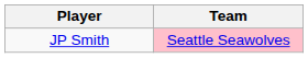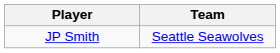 <table class="wikitable" style="text-align:center;">
 <tr>
 <th style="width:9.5em;">Player</th>
 <th style="width:9.5em;">Team</th>
 </tr>
 <tr>
 <td align=center><a href='#'>JP Smith</a></td>
-<td style="background: pink;"><a href='#'>Seattle Seawolves</a></td>
+<td><a href='#'>Seattle Seawolves</a></td>
 </tr>
 </table>
